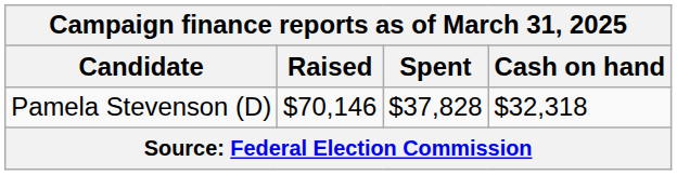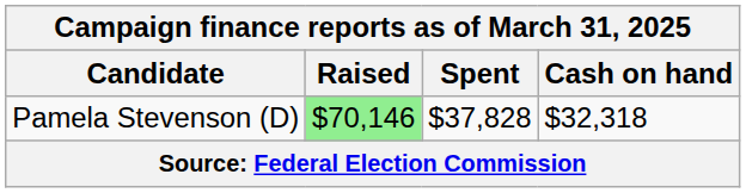 <table class="wikitable sortable">
 <tr>
 <th colspan=4>Campaign finance reports as of March 31, 2025</th>
 </tr>
 <tr style="text-align:center;">
 <th>Candidate</th>
 <th>Raised</th>
 <th>Spent</th>
 <th>Cash on hand</th>
 </tr>
 <tr>
 <td>Pamela Stevenson (D)</td>
-<td>$70,146</td>
+<td style="background: lightgreen;">$70,146</td>
 <td>$37,828</td>
 <td>$32,318</td>
 </tr>
 <tr>
 <th colspan="4"><small>Source: <a href='#'>Federal Election Commission</a></small></th>
 </tr>
 </table>
